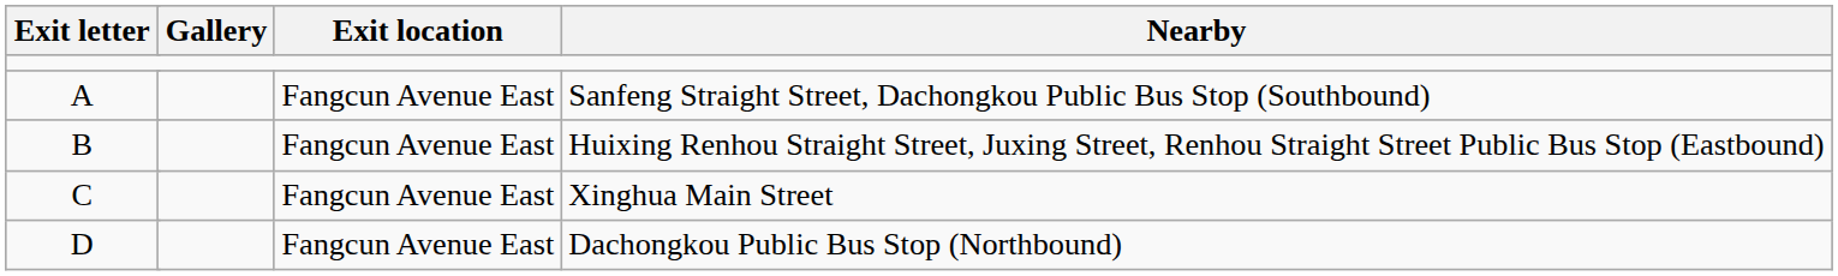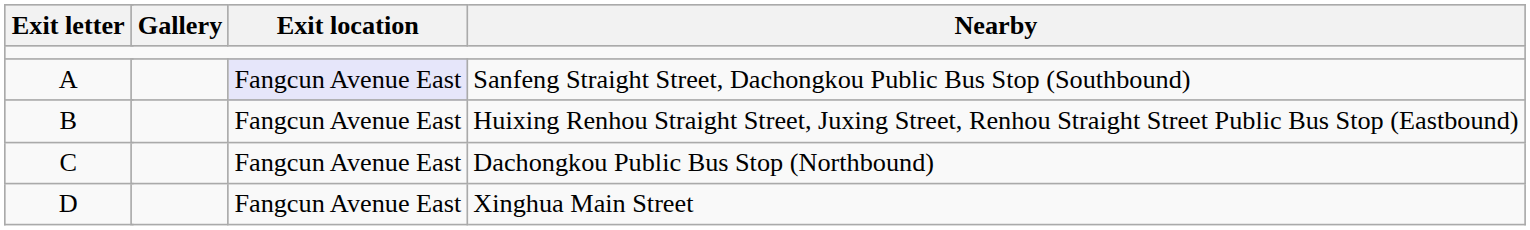 <table class="wikitable">
 <tr>
 <th style="width:70px" colspan="3">Exit letter</th>
 <th>Gallery</th>
 <th>Exit location</th>
 <th>Nearby</th>
 </tr>
 <tr style="background:#">
 <td colspan = "6"></td>
 </tr>
 <tr>
 <td align="center" colspan="3">A</td>
 <td></td>
-<td>Fangcun Avenue East</td>
+<td style="background: lavender;">Fangcun Avenue East</td>
 <td>Sanfeng Straight Street, Dachongkou Public Bus Stop (Southbound)</td>
 </tr>
 <tr>
 <td align="center" colspan="3">B</td>
 <td></td>
 <td>Fangcun Avenue East</td>
 <td>Huixing Renhou Straight Street, Juxing Street, Renhou Straight Street Public Bus Stop (Eastbound)</td>
 </tr>
 <tr>
 <td align="center" colspan="3">C</td>
 <td></td>
 <td>Fangcun Avenue East</td>
-<td>Xinghua Main Street</td>
+<td>Dachongkou Public Bus Stop (Northbound)</td>
 </tr>
 <tr>
 <td align="center" colspan="3">D</td>
 <td></td>
 <td>Fangcun Avenue East</td>
-<td>Dachongkou Public Bus Stop (Northbound)</td>
+<td>Xinghua Main Street</td>
 </tr>
 </table>
